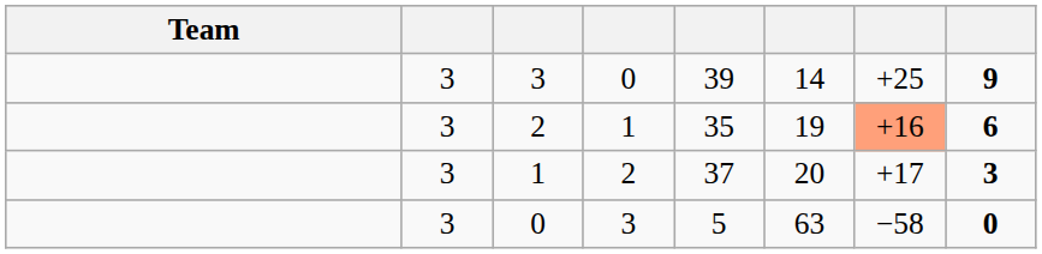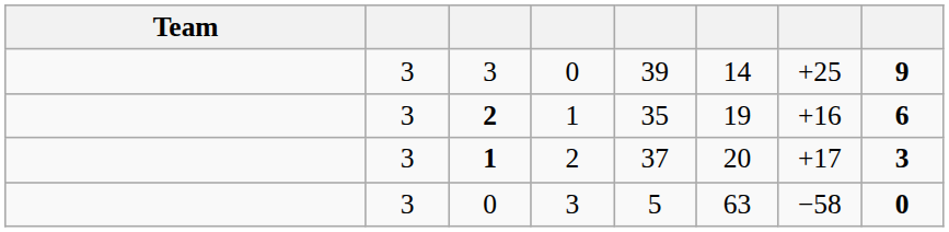 <table class=wikitable style="text-align:center">
 <tr>
 <th width=200>Team</th>
 <th width=40></th>
 <th width=40></th>
 <th width=40></th>
 <th width=40></th>
 <th width=40></th>
 <th width=40></th>
 <th width=40></th>
 </tr>
 <tr>
 <td align=left></td>
 <td>3</td>
 <td>3</td>
 <td>0</td>
 <td>39</td>
 <td>14</td>
 <td>+25</td>
 <td><strong>9</strong></td>
 </tr>
 <tr>
 <td align=left></td>
 <td>3</td>
-<td>2</td>
+<td><strong>2</strong></td>
 <td>1</td>
 <td>35</td>
 <td>19</td>
-<td style="background: lightsalmon;">+16</td>
+<td>+16</td>
 <td><strong>6</strong></td>
 </tr>
 <tr>
 <td align=left></td>
 <td>3</td>
-<td>1</td>
+<td><strong>1</strong></td>
 <td>2</td>
 <td>37</td>
 <td>20</td>
 <td>+17</td>
 <td><strong>3</strong></td>
 </tr>
 <tr>
 <td align=left></td>
 <td>3</td>
 <td>0</td>
 <td>3</td>
 <td>5</td>
 <td>63</td>
 <td>−58</td>
 <td><strong>0</strong></td>
 </tr>
 </table>
